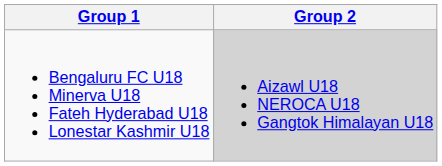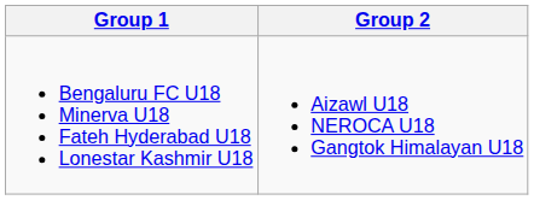 <table class=wikitable>
 <tr>
 <th><a href='#'>Group 1</a></th>
 <th><a href='#'>Group 2</a></th>
 </tr>
 <tr>
 <td><br><ul><li><a href='#'>Bengaluru FC U18</a></li><li><a href='#'>Minerva U18</a></li><li><a href='#'>Fateh Hyderabad U18</a></li><li><a href='#'>Lonestar Kashmir U18</a></li></ul></td>
-<td style="background: lightgrey;"><br><ul><li><a href='#'>Aizawl U18</a></li><li><a href='#'>NEROCA U18</a></li><li><a href='#'>Gangtok Himalayan U18</a></li></ul></td>
+<td><br><ul><li><a href='#'>Aizawl U18</a></li><li><a href='#'>NEROCA U18</a></li><li><a href='#'>Gangtok Himalayan U18</a></li></ul></td>
 </tr>
 </table>
